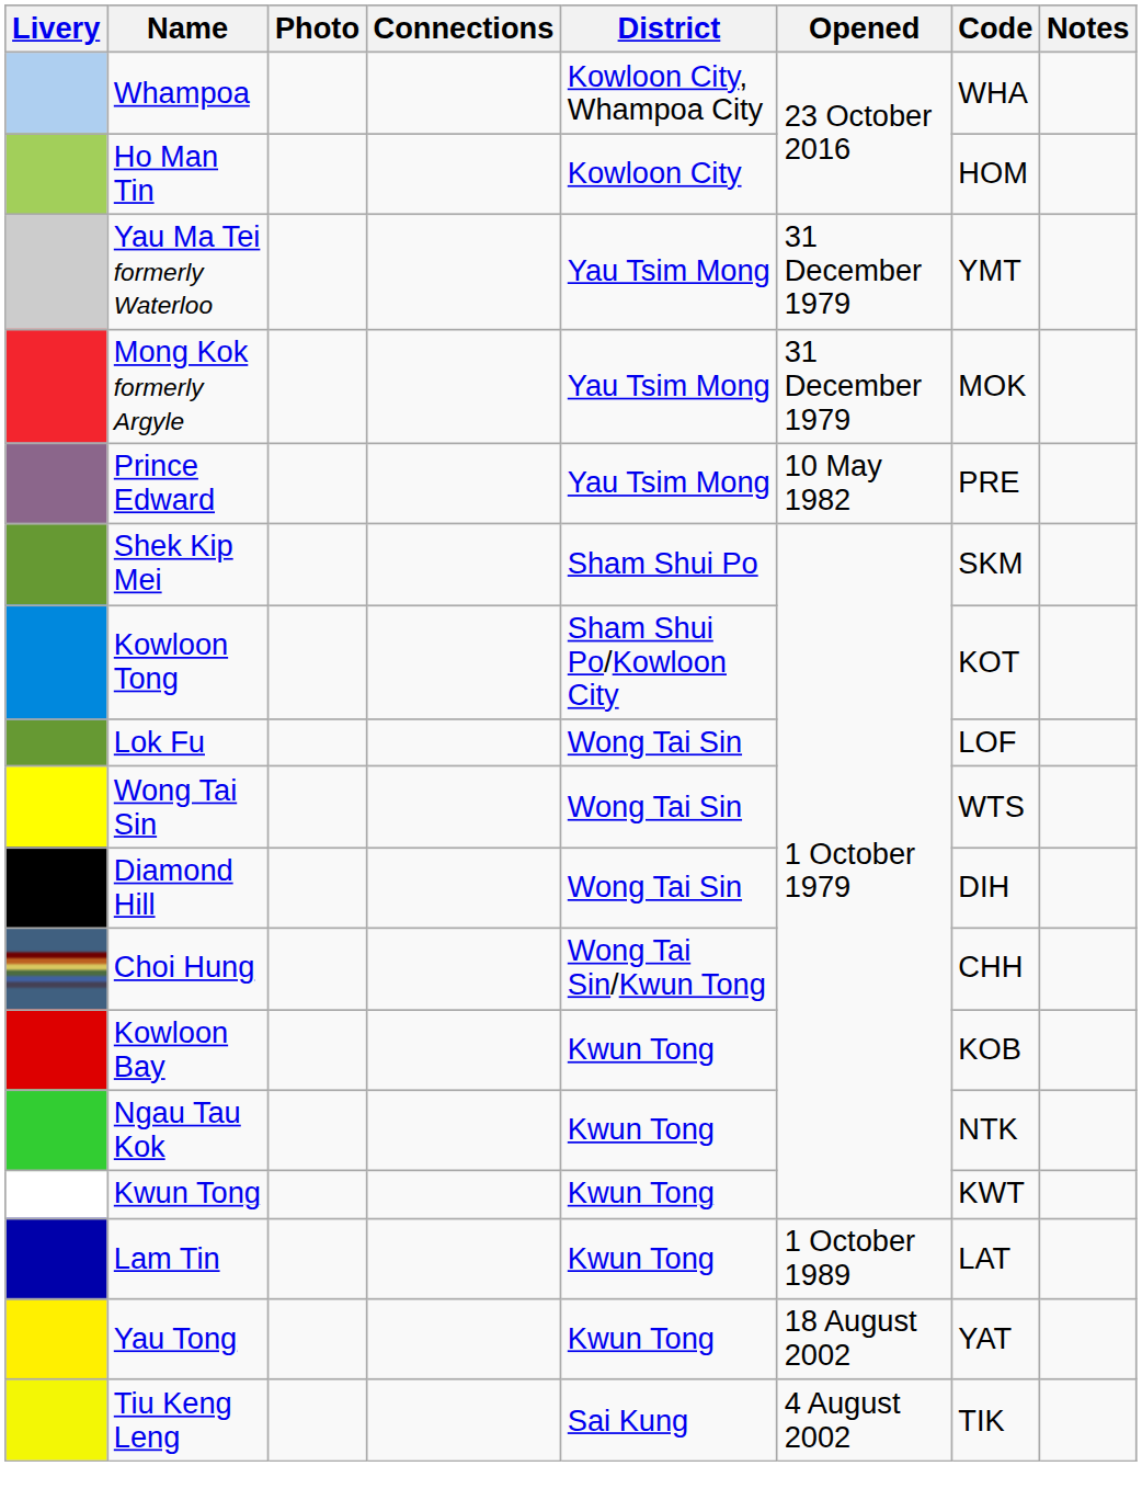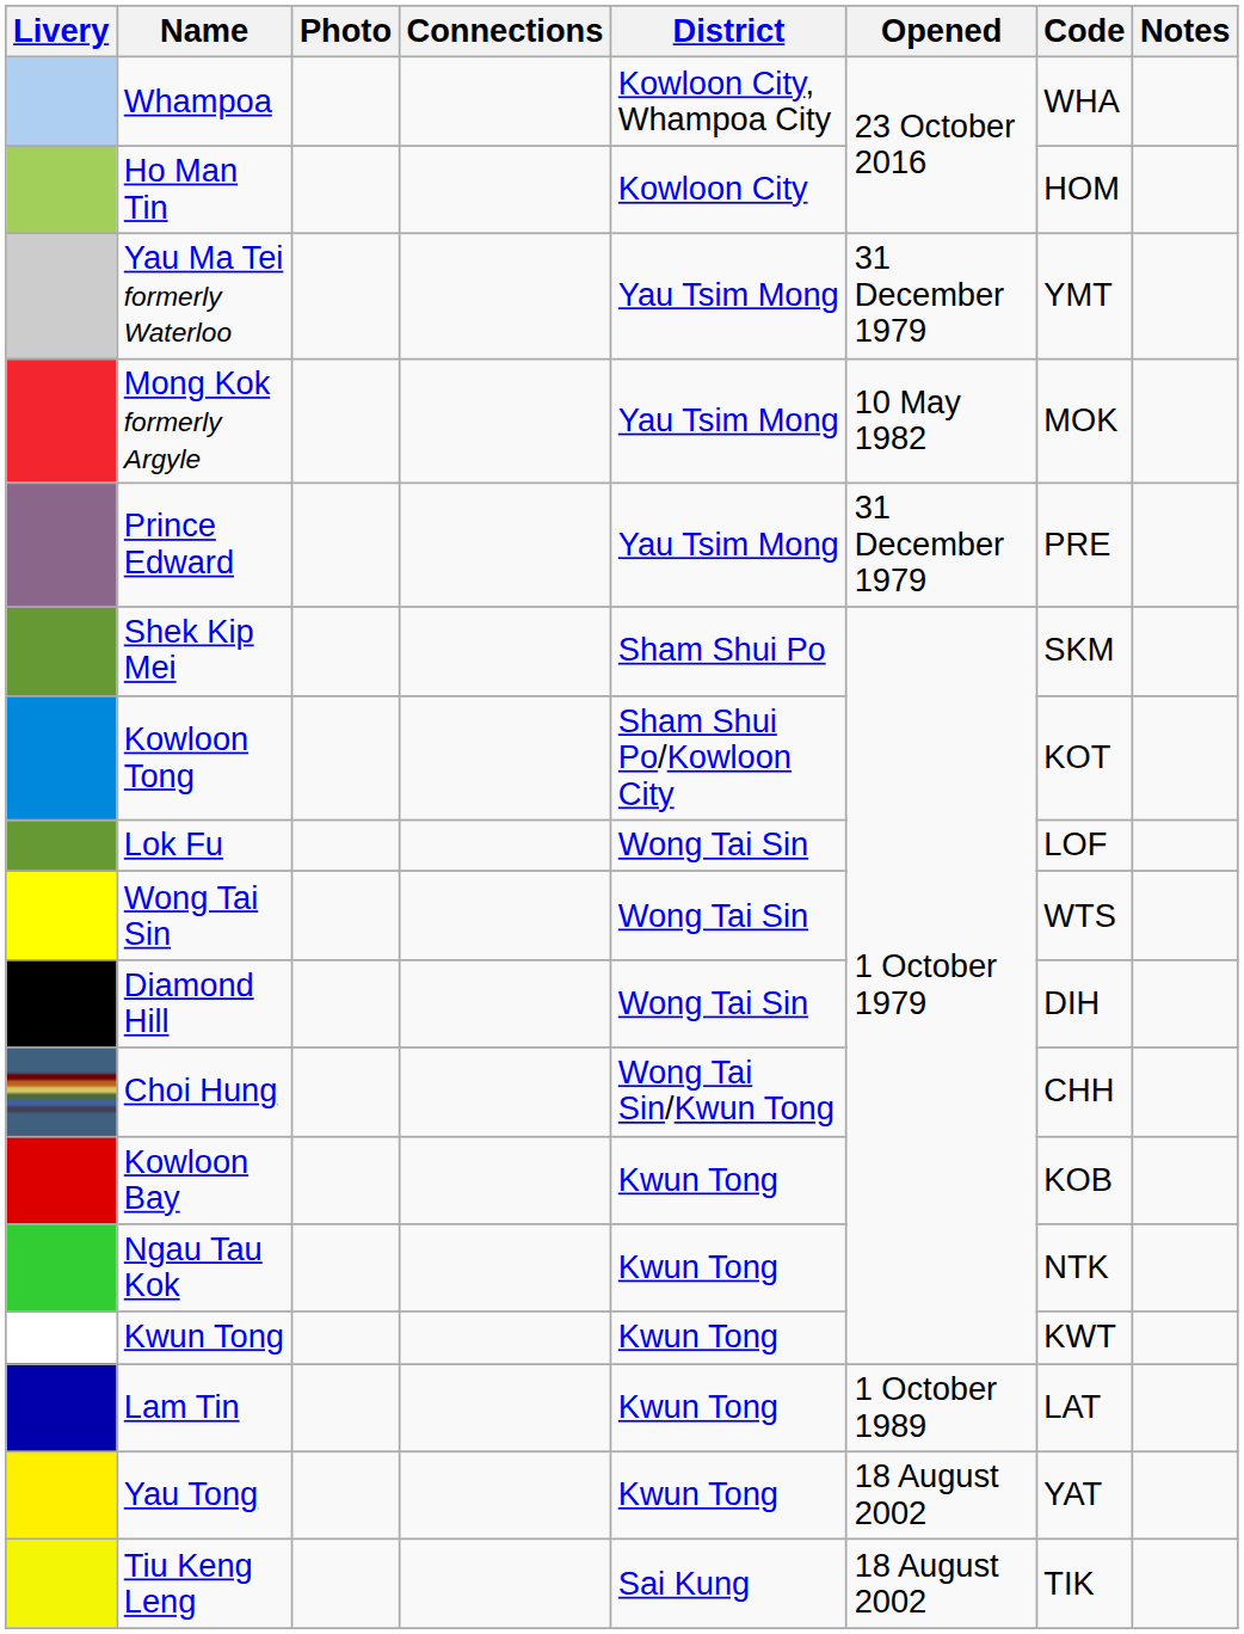 <table class="wikitable sortable">
 <tr>
 <th class="unsortable"><a href='#'>Livery</a></th>
 <th>Name</th>
 <th class="unsortable">Photo</th>
 <th>Connections</th>
 <th><a href='#'>District</a></th>
 <th data-sort-type="date">Opened</th>
 <th>Code</th>
 <th class="unsortable">Notes</th>
 </tr>
 <tr>
 <td style="background:#AECFF0;"></td>
 <td><a href='#'>Whampoa</a></td>
 <td>  </td>
 <td></td>
 <td><a href='#'>Kowloon City</a>, Whampoa City</td>
 <td rowspan="2">23 October 2016</td>
 <td>WHA</td>
 <td></td>
 </tr>
 <tr>
 <td style="background:#A2CF5A;"></td>
 <td><a href='#'>Ho Man Tin</a></td>
 <td>  </td>
 <td></td>
 <td><a href='#'>Kowloon City</a></td>
 <td>HOM</td>
 <td></td>
 </tr>
 <tr>
 <td style="background:#CCCCCC;"></td>
 <td><a href='#'>Yau Ma Tei</a><br><small><em>formerly Waterloo</em></small></td>
 <td></td>
 <td></td>
 <td><a href='#'>Yau Tsim Mong</a></td>
 <td>31 December 1979</td>
 <td>YMT</td>
 <td></td>
 </tr>
 <tr>
 <td style="background:#F3252E;"></td>
 <td><a href='#'>Mong Kok</a><br><small><em>formerly Argyle</em></small></td>
 <td></td>
 <td></td>
 <td><a href='#'>Yau Tsim Mong</a></td>
-<td>31 December 1979</td>
+<td>10 May 1982</td>
 <td>MOK</td>
 <td></td>
 </tr>
 <tr>
 <td style="background:#8B668B;"></td>
 <td><a href='#'>Prince Edward</a></td>
 <td></td>
 <td></td>
 <td><a href='#'>Yau Tsim Mong</a></td>
-<td>10 May 1982</td>
+<td>31 December 1979</td>
 <td>PRE</td>
 <td></td>
 </tr>
 <tr>
 <td style="background:#669933;"></td>
 <td><a href='#'>Shek Kip Mei</a></td>
 <td> </td>
 <td></td>
 <td><a href='#'>Sham Shui Po</a></td>
 <td rowspan="9">1 October 1979</td>
 <td>SKM</td>
 <td></td>
 </tr>
 <tr>
 <td style="background:#0088DD;"></td>
 <td><a href='#'>Kowloon Tong</a></td>
 <td>  </td>
 <td></td>
 <td><a href='#'>Sham Shui Po</a>/<a href='#'>Kowloon City</a></td>
 <td>KOT</td>
 <td></td>
 </tr>
 <tr>
 <td style="background:#669933;"></td>
 <td><a href='#'>Lok Fu</a></td>
 <td></td>
 <td></td>
 <td><a href='#'>Wong Tai Sin</a></td>
 <td>LOF</td>
 <td></td>
 </tr>
 <tr>
 <td style="background:yellow;"></td>
 <td><a href='#'>Wong Tai Sin</a></td>
 <td></td>
 <td></td>
 <td><a href='#'>Wong Tai Sin</a></td>
 <td>WTS</td>
 <td></td>
 </tr>
 <tr>
 <td style="background:black;"></td>
 <td><a href='#'>Diamond Hill</a></td>
 <td></td>
 <td></td>
 <td><a href='#'>Wong Tai Sin</a></td>
 <td>DIH</td>
 <td></td>
 </tr>
 <tr>
 <td style="background: #406080; background-image: linear-gradient(to bottom, #406080, #406080, #406080, #406080, #406080, #406080, #406080, #406080, #700000, #700000, #BC6020, #BC6020, #D8C860, #D8C860, #4C6C40, #4C6C40, #4060A0, #4060A0, #444054, #444054, #406080, #406080, #406080, #406080, #406080, #406080, #406080, #406080);;"></td>
 <td><a href='#'>Choi Hung</a></td>
 <td></td>
 <td></td>
 <td><a href='#'>Wong Tai Sin</a>/<a href='#'>Kwun Tong</a></td>
 <td>CHH</td>
 <td></td>
 </tr>
 <tr>
 <td style="background:#DD0000;"></td>
 <td><a href='#'>Kowloon Bay</a></td>
 <td></td>
 <td></td>
 <td><a href='#'>Kwun Tong</a></td>
 <td>KOB</td>
 <td></td>
 </tr>
 <tr>
 <td style="background:#32CD32;"></td>
 <td><a href='#'>Ngau Tau Kok</a></td>
 <td></td>
 <td></td>
 <td><a href='#'>Kwun Tong</a></td>
 <td>NTK</td>
 <td></td>
 </tr>
 <tr>
 <td style="background:white;"></td>
 <td><a href='#'>Kwun Tong</a></td>
 <td></td>
 <td></td>
 <td><a href='#'>Kwun Tong</a></td>
 <td>KWT</td>
 <td></td>
 </tr>
 <tr>
 <td style="background:#0000AA;"></td>
 <td><a href='#'>Lam Tin</a></td>
 <td></td>
 <td></td>
 <td><a href='#'>Kwun Tong</a></td>
 <td>1 October 1989</td>
 <td>LAT</td>
 <td></td>
 </tr>
 <tr>
 <td style="background:#FFF000;"></td>
 <td><a href='#'>Yau Tong</a></td>
 <td></td>
 <td></td>
 <td><a href='#'>Kwun Tong</a></td>
 <td>18 August 2002</td>
 <td>YAT</td>
 <td></td>
 </tr>
 <tr>
 <td style="background:#F3F705;"></td>
 <td><a href='#'>Tiu Keng Leng</a></td>
 <td></td>
 <td></td>
 <td><a href='#'>Sai Kung</a></td>
-<td>4 August 2002</td>
+<td>18 August 2002</td>
 <td>TIK</td>
 <td></td>
 </tr>
 </table>
